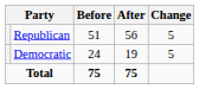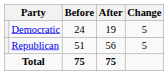 <table class="wikitable" style="text-align:center;">
 <tr>
 <th colspan="2">Party</th>
 <th>Before</th>
 <th>After</th>
 <th>Change</th>
 </tr>
 <tr>
 <th style="background-color:"></th>
-<td style="text-align:left;"><a href='#'>Republican</a></td>
-<td>51</td>
-<td>56</td>
+<td style="text-align:left;"><a href='#'>Democratic</a></td>
+<td>24</td>
+<td>19</td>
 <td> 5</td>
 </tr>
 <tr>
 <th style="background-color:"></th>
-<td style="text-align:left;"><a href='#'>Democratic</a></td>
-<td>24</td>
-<td>19</td>
+<td style="text-align:left;"><a href='#'>Republican</a></td>
+<td>51</td>
+<td>56</td>
 <td> 5</td>
 </tr>
 <tr>
 <td colspan="2"><strong>Total</strong></td>
 <td><strong>75</strong></td>
 <td><strong>75</strong></td>
 <td></td>
 </tr>
 </table>
